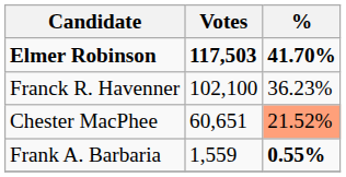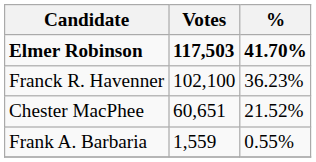 <table class="wikitable">
 <tr>
 <th>Candidate</th>
 <th>Votes</th>
 <th>%</th>
 </tr>
 <tr>
 <td><strong>Elmer Robinson</strong></td>
 <td><strong>117,503</strong></td>
 <td><strong>41.70%</strong></td>
 </tr>
 <tr>
 <td>Franck R. Havenner</td>
 <td>102,100</td>
 <td>36.23%</td>
 </tr>
 <tr>
 <td>Chester MacPhee</td>
 <td>60,651</td>
-<td style="background: lightsalmon;">21.52%</td>
+<td>21.52%</td>
 </tr>
 <tr>
 <td>Frank A. Barbaria</td>
 <td>1,559</td>
-<td><strong>0.55%</strong></td>
+<td>0.55%</td>
 </tr>
 <tr>
 </tr>
 </table>
